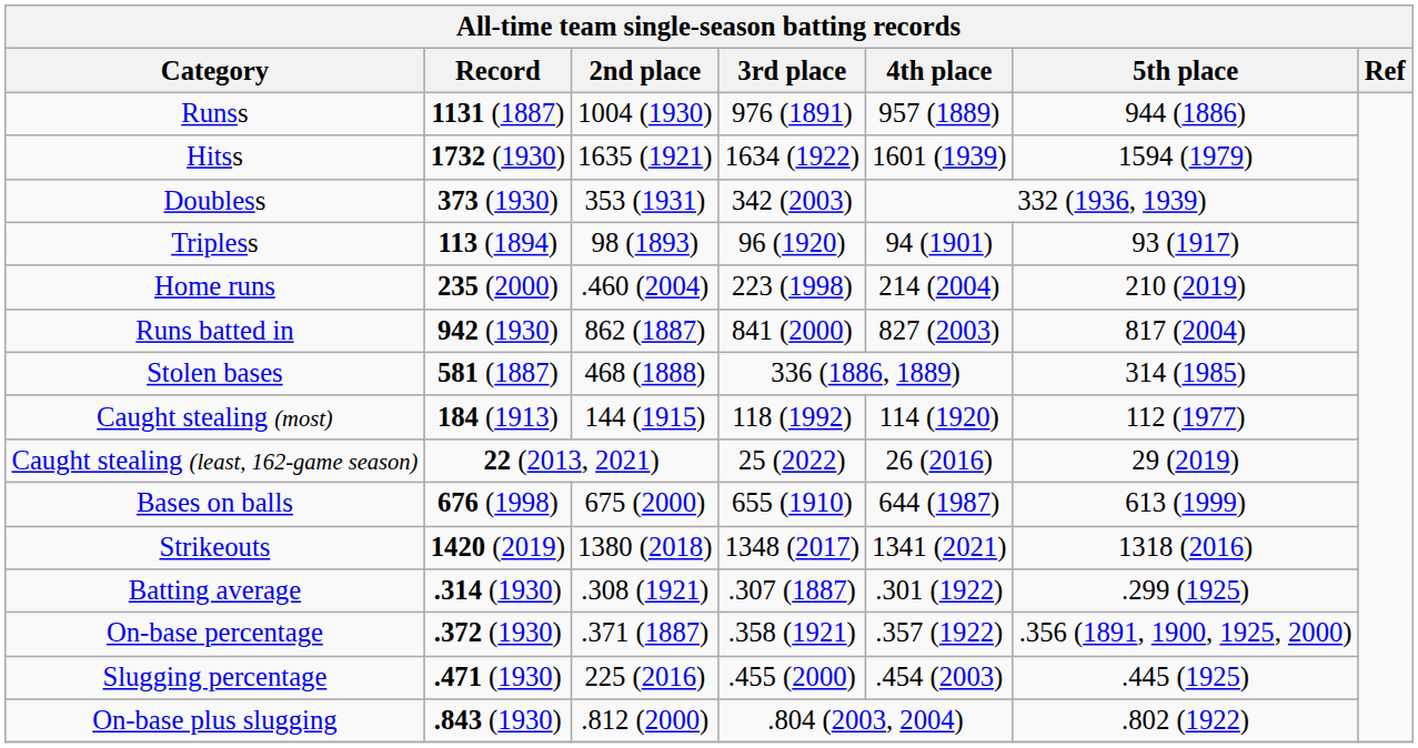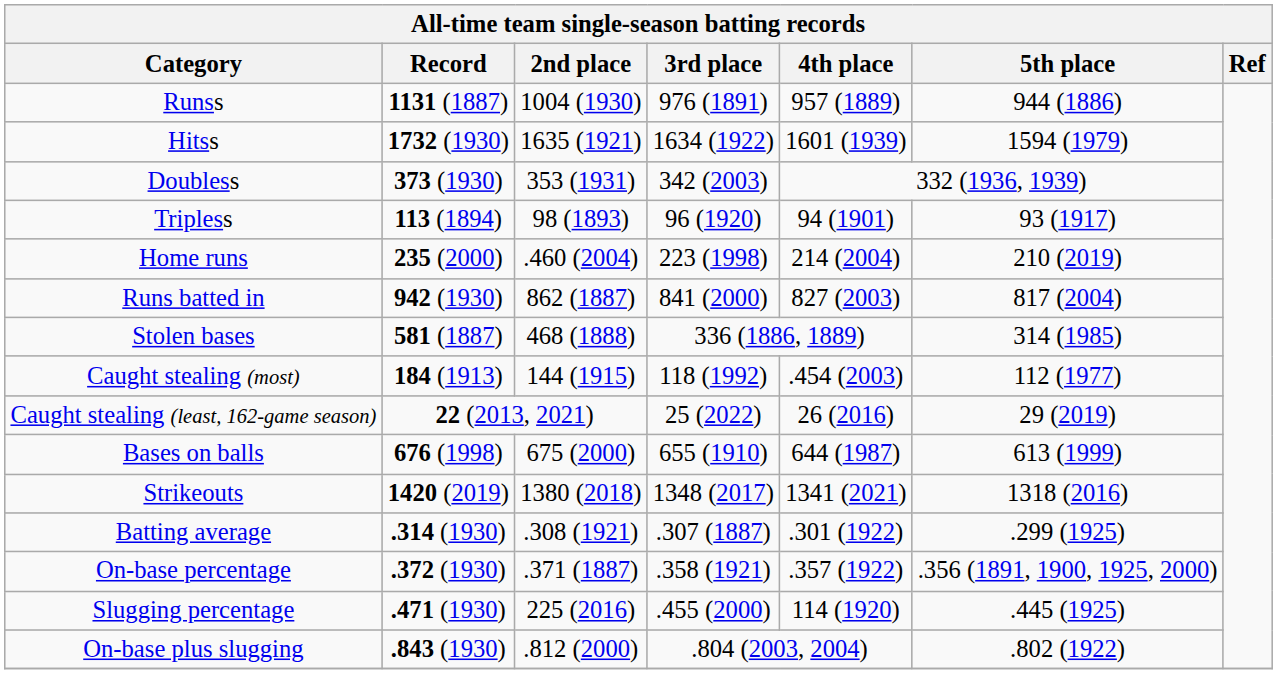 <table class="wikitable unsortable" style="text-align:center">
 <tr>
 <th colspan=7><strong>All-time team single-season batting records</strong></th>
 </tr>
 <tr>
 <th scope="col">Category</th>
 <th scope="col">Record</th>
 <th scope="col">2nd place</th>
 <th scope="col">3rd place</th>
 <th scope="col">4th place</th>
 <th scope="col">5th place</th>
 <th scope="col">Ref</th>
 </tr>
 <tr>
 <td><a href='#'>Runs</a>s</td>
 <td><strong>1131</strong> (<a href='#'>1887</a>)</td>
 <td>1004 (<a href='#'>1930</a>)</td>
 <td>976 (<a href='#'>1891</a>)</td>
 <td>957 (<a href='#'>1889</a>)</td>
 <td>944 (<a href='#'>1886</a>)</td>
 <td rowspan="15" style="text-align: center;"></td>
 </tr>
 <tr>
 <td><a href='#'>Hits</a>s</td>
 <td><strong>1732</strong> (<a href='#'>1930</a>)</td>
 <td>1635 (<a href='#'>1921</a>)</td>
 <td>1634 (<a href='#'>1922</a>)</td>
 <td>1601 (<a href='#'>1939</a>)</td>
 <td>1594 (<a href='#'>1979</a>)</td>
 </tr>
 <tr>
 <td><a href='#'>Doubles</a>s</td>
 <td><strong>373</strong> (<a href='#'>1930</a>)</td>
 <td>353 (<a href='#'>1931</a>)</td>
 <td>342 (<a href='#'>2003</a>)</td>
 <td colspan="2" style="text-align: center;">332 (<a href='#'>1936</a>, <a href='#'>1939</a>)</td>
 </tr>
 <tr>
 <td><a href='#'>Triples</a>s</td>
 <td><strong>113</strong> (<a href='#'>1894</a>)</td>
 <td>98 (<a href='#'>1893</a>)</td>
 <td>96 (<a href='#'>1920</a>)</td>
 <td>94 (<a href='#'>1901</a>)</td>
 <td>93 (<a href='#'>1917</a>)</td>
 </tr>
 <tr>
 <td><a href='#'>Home runs</a></td>
 <td><strong>235</strong> (<a href='#'>2000</a>)</td>
 <td>.460 (<a href='#'>2004</a>)</td>
 <td>223 (<a href='#'>1998</a>)</td>
 <td>214 (<a href='#'>2004</a>)</td>
 <td>210 (<a href='#'>2019</a>)</td>
 </tr>
 <tr>
 <td><a href='#'>Runs batted in</a></td>
 <td><strong>942</strong> (<a href='#'>1930</a>)</td>
 <td>862 (<a href='#'>1887</a>)</td>
 <td>841 (<a href='#'>2000</a>)</td>
 <td>827 (<a href='#'>2003</a>)</td>
 <td>817 (<a href='#'>2004</a>)</td>
 </tr>
 <tr>
 <td><a href='#'>Stolen bases</a></td>
 <td><strong>581</strong> (<a href='#'>1887</a>)</td>
 <td>468 (<a href='#'>1888</a>)</td>
 <td colspan="2" style="text-align: center;">336 (<a href='#'>1886</a>, <a href='#'>1889</a>)</td>
 <td>314 (<a href='#'>1985</a>)</td>
 </tr>
 <tr>
 <td><a href='#'>Caught stealing</a> <small><em>(most)</em></small></td>
 <td><strong>184</strong> (<a href='#'>1913</a>)</td>
 <td>144 (<a href='#'>1915</a>)</td>
 <td>118 (<a href='#'>1992</a>)</td>
-<td>114 (<a href='#'>1920</a>)</td>
+<td>.454 (<a href='#'>2003</a>)</td>
 <td>112 (<a href='#'>1977</a>)</td>
 </tr>
 <tr>
 <td><a href='#'>Caught stealing</a> <small><em>(least, 162-game season)</em></small></td>
 <td colspan="2" style="text-align: center;"><strong>22</strong> (<a href='#'>2013</a>, <a href='#'>2021</a>)</td>
 <td>25 (<a href='#'>2022</a>)</td>
 <td>26 (<a href='#'>2016</a>)</td>
 <td>29 (<a href='#'>2019</a>)</td>
 </tr>
 <tr>
 <td><a href='#'>Bases on balls</a></td>
 <td><strong>676</strong> (<a href='#'>1998</a>)</td>
 <td>675 (<a href='#'>2000</a>)</td>
 <td>655 (<a href='#'>1910</a>)</td>
 <td>644 (<a href='#'>1987</a>)</td>
 <td>613 (<a href='#'>1999</a>)</td>
 </tr>
 <tr>
 <td><a href='#'>Strikeouts</a></td>
 <td><strong>1420</strong> (<a href='#'>2019</a>)</td>
 <td>1380 (<a href='#'>2018</a>)</td>
 <td>1348 (<a href='#'>2017</a>)</td>
 <td>1341 (<a href='#'>2021</a>)</td>
 <td>1318 (<a href='#'>2016</a>)</td>
 </tr>
 <tr>
 <td><a href='#'>Batting average</a></td>
 <td><strong>.314</strong> (<a href='#'>1930</a>)</td>
 <td>.308 (<a href='#'>1921</a>)</td>
 <td>.307 (<a href='#'>1887</a>)</td>
 <td>.301 (<a href='#'>1922</a>)</td>
 <td>.299 (<a href='#'>1925</a>)</td>
 </tr>
 <tr>
 <td><a href='#'>On-base percentage</a></td>
 <td><strong>.372</strong> (<a href='#'>1930</a>)</td>
 <td>.371 (<a href='#'>1887</a>)</td>
 <td>.358 (<a href='#'>1921</a>)</td>
 <td>.357 (<a href='#'>1922</a>)</td>
 <td>.356 (<a href='#'>1891</a>, <a href='#'>1900</a>, <a href='#'>1925</a>, <a href='#'>2000</a>)</td>
 </tr>
 <tr>
 <td><a href='#'>Slugging percentage</a></td>
 <td><strong>.471</strong> (<a href='#'>1930</a>)</td>
 <td>225 (<a href='#'>2016</a>)</td>
 <td>.455 (<a href='#'>2000</a>)</td>
-<td>.454 (<a href='#'>2003</a>)</td>
+<td>114 (<a href='#'>1920</a>)</td>
 <td>.445 (<a href='#'>1925</a>)</td>
 </tr>
 <tr>
 <td><a href='#'>On-base plus slugging</a></td>
 <td><strong>.843</strong> (<a href='#'>1930</a>)</td>
 <td>.812 (<a href='#'>2000</a>)</td>
 <td colspan="2" style="text-align: center;">.804 (<a href='#'>2003</a>, <a href='#'>2004</a>)</td>
 <td>.802 (<a href='#'>1922</a>)</td>
 </tr>
 <tr>
 </tr>
 </table>
